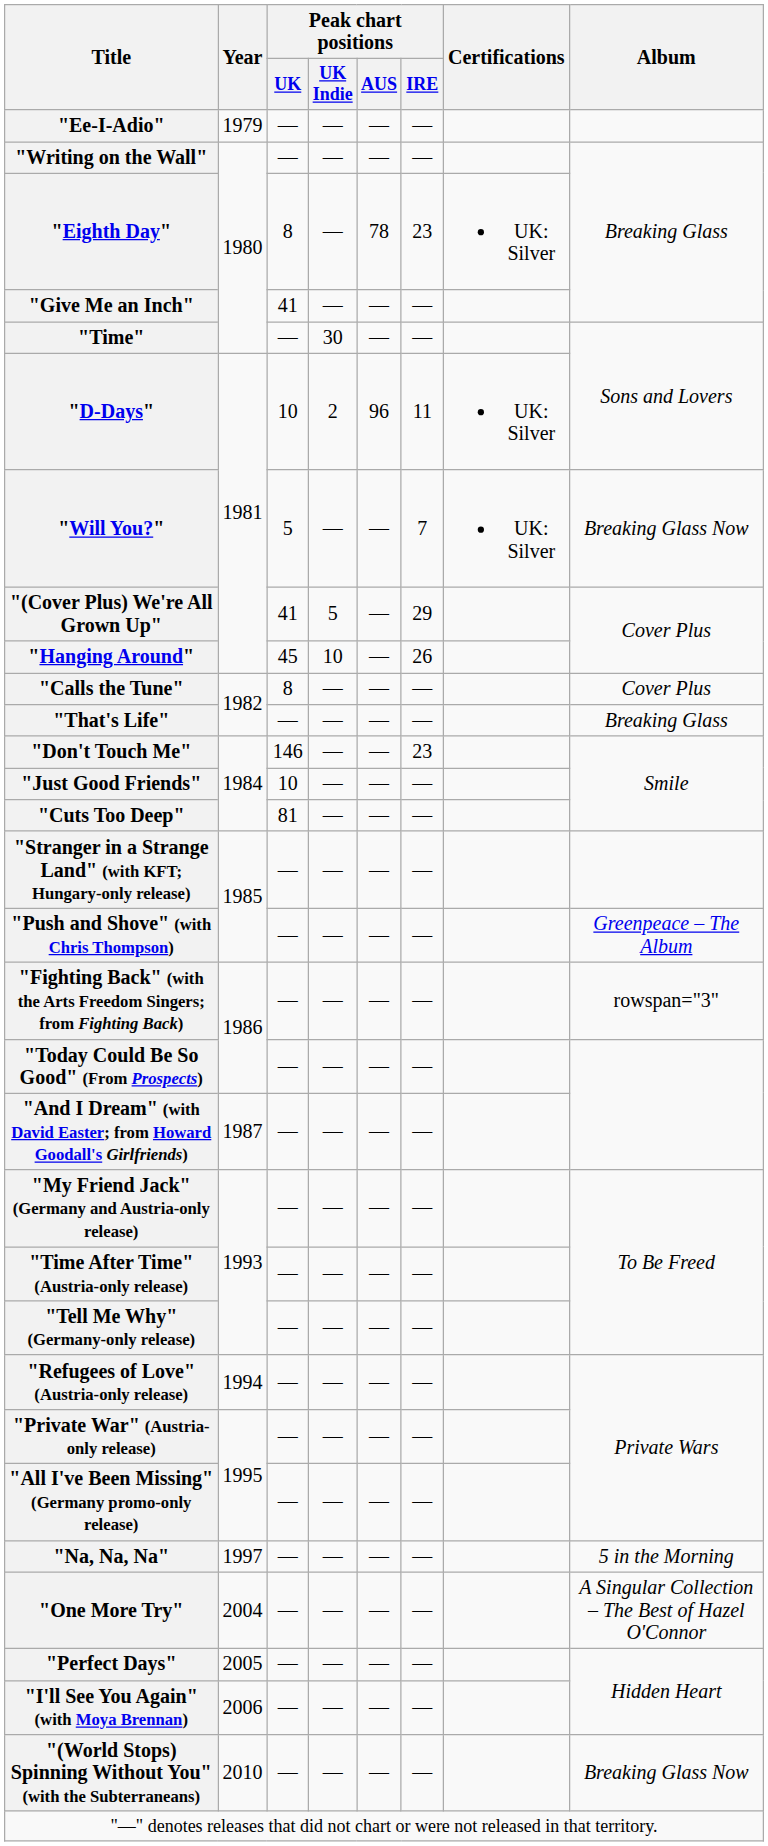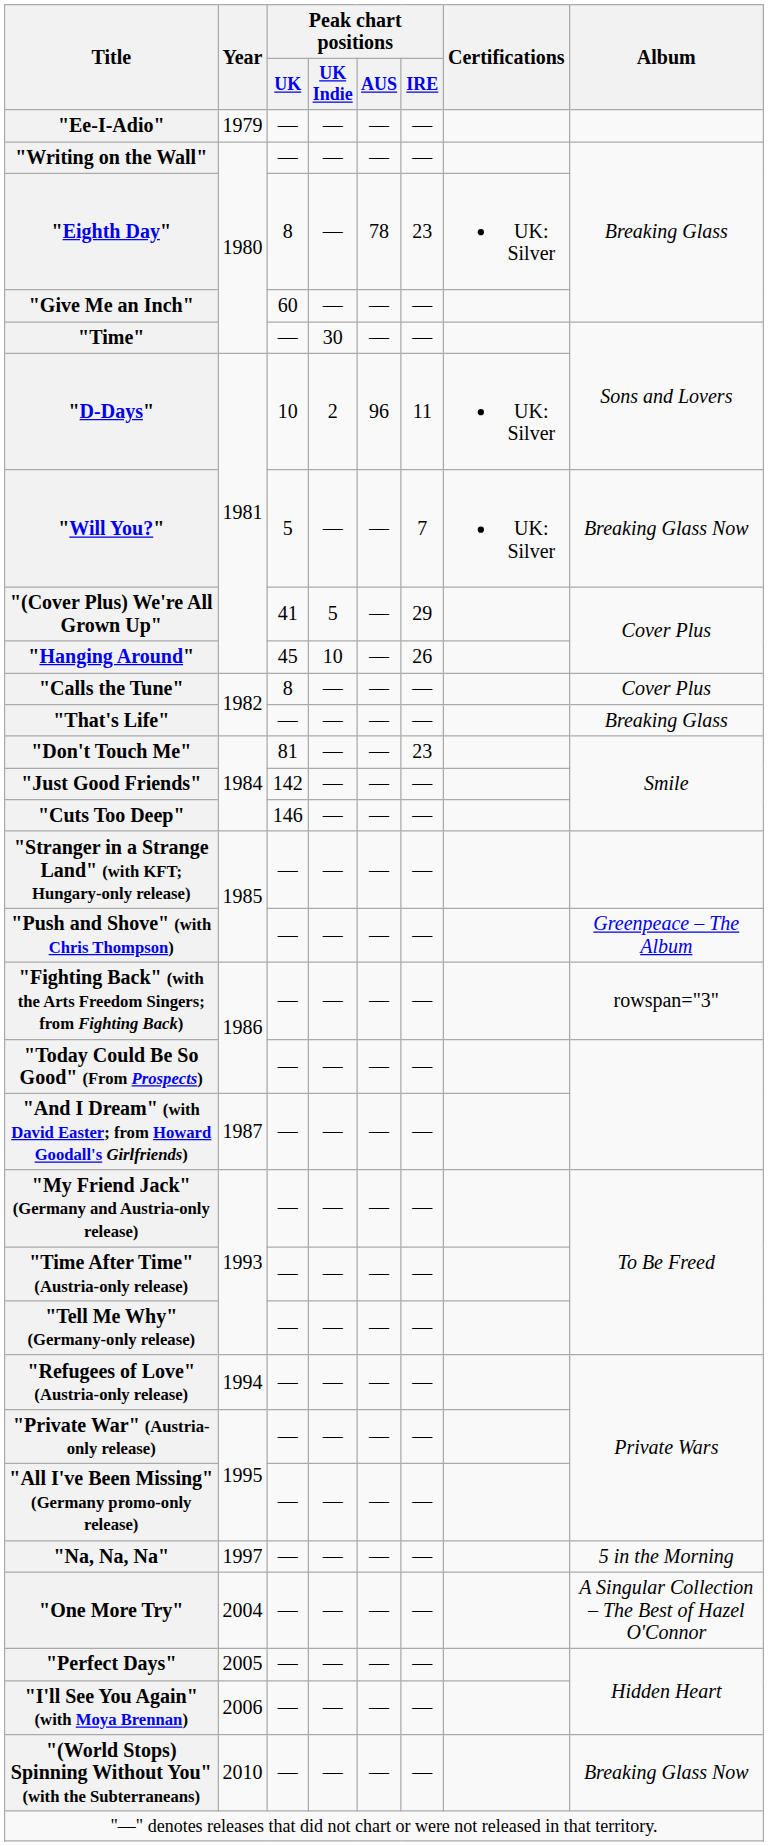 <table class="wikitable plainrowheaders" style="text-align:center;">
 <tr>
 <th rowspan="2" scope="col" style="width:17em;">Title</th>
 <th rowspan="2" scope="col" style="width:2em;">Year</th>
 <th colspan="4">Peak chart positions</th>
 <th rowspan="2">Certifications</th>
 <th rowspan="2"  style="width:15em;">Album</th>
 </tr>
 <tr>
 <th scope="col" style="width:2em;font-size:90%;"><a href='#'>UK</a><br></th>
 <th scope="col" style="width:2em;font-size:90%;"><a href='#'>UK Indie</a><br></th>
 <th scope="col" style="width:2em;font-size:90%;"><a href='#'>AUS</a><br></th>
 <th scope="col" style="width:2em;font-size:90%;"><a href='#'>IRE</a><br></th>
 </tr>
 <tr>
 <th scope="row">"Ee-I-Adio"</th>
 <td>1979</td>
 <td>—</td>
 <td>—</td>
 <td>—</td>
 <td>—</td>
 <td></td>
 <td></td>
 </tr>
 <tr>
 <th scope="row">"Writing on the Wall"</th>
 <td rowspan="4">1980</td>
 <td>—</td>
 <td>—</td>
 <td>—</td>
 <td>—</td>
 <td></td>
 <td rowspan="3"><em>Breaking Glass</em></td>
 </tr>
 <tr>
 <th scope="row">"<a href='#'>Eighth Day</a>"</th>
 <td>8</td>
 <td>—</td>
 <td>78</td>
 <td>23</td>
 <td><br><ul><li>UK: Silver</li></ul></td>
 </tr>
 <tr>
 <th scope="row">"Give Me an Inch"</th>
-<td>41</td>
+<td>60</td>
 <td>—</td>
 <td>—</td>
 <td>—</td>
 <td></td>
 </tr>
 <tr>
 <th scope="row">"Time"</th>
 <td>—</td>
 <td>30</td>
 <td>—</td>
 <td>—</td>
 <td></td>
 <td rowspan="2"><em>Sons and Lovers</em></td>
 </tr>
 <tr>
 <th scope="row">"<a href='#'>D-Days</a>"</th>
 <td rowspan="4">1981</td>
 <td>10</td>
 <td>2</td>
 <td>96</td>
 <td>11</td>
 <td><br><ul><li>UK: Silver</li></ul></td>
 </tr>
 <tr>
 <th scope="row">"<a href='#'>Will You?</a>"</th>
 <td>5</td>
 <td>—</td>
 <td>—</td>
 <td>7</td>
 <td><br><ul><li>UK: Silver</li></ul></td>
 <td><em>Breaking Glass Now</em></td>
 </tr>
 <tr>
 <th scope="row">"(Cover Plus) We're All Grown Up"</th>
 <td>41</td>
 <td>5</td>
 <td>—</td>
 <td>29</td>
 <td></td>
 <td rowspan="2"><em>Cover Plus</em></td>
 </tr>
 <tr>
 <th scope="row">"<a href='#'>Hanging Around</a>"</th>
 <td>45</td>
 <td>10</td>
 <td>—</td>
 <td>26</td>
 <td></td>
 </tr>
 <tr>
 <th scope="row">"Calls the Tune"</th>
 <td rowspan="2">1982</td>
 <td>8</td>
 <td>—</td>
 <td>—</td>
 <td>—</td>
 <td></td>
 <td><em>Cover Plus</em></td>
 </tr>
 <tr>
 <th scope="row">"That's Life"</th>
 <td>—</td>
 <td>—</td>
 <td>—</td>
 <td>—</td>
 <td></td>
 <td><em>Breaking Glass</em></td>
 </tr>
 <tr>
 <th scope="row">"Don't Touch Me"</th>
 <td rowspan="3">1984</td>
-<td>146</td>
+<td>81</td>
 <td>—</td>
 <td>—</td>
 <td>23</td>
 <td></td>
 <td rowspan="3"><em>Smile</em></td>
 </tr>
 <tr>
 <th scope="row">"Just Good Friends"</th>
-<td>10</td>
+<td>142</td>
 <td>—</td>
 <td>—</td>
 <td>—</td>
 <td></td>
 </tr>
 <tr>
 <th scope="row">"Cuts Too Deep"</th>
-<td>81</td>
+<td>146</td>
 <td>—</td>
 <td>—</td>
 <td>—</td>
 <td></td>
 </tr>
 <tr>
 <th scope="row">"Stranger in a Strange Land" <small>(with KFT; Hungary-only release)</small></th>
 <td rowspan="2">1985</td>
 <td>—</td>
 <td>—</td>
 <td>—</td>
 <td>—</td>
 <td></td>
 <td></td>
 </tr>
 <tr>
 <th scope="row">"Push and Shove" <small>(with <a href='#'>Chris Thompson</a>)</small></th>
 <td>—</td>
 <td>—</td>
 <td>—</td>
 <td>—</td>
 <td></td>
 <td><em><a href='#'>Greenpeace – The Album</a></em></td>
 </tr>
 <tr>
 <th scope="row">"Fighting Back" <small>(with the Arts Freedom Singers; from <em>Fighting Back</em>)</small></th>
 <td rowspan="2">1986</td>
 <td>—</td>
 <td>—</td>
 <td>—</td>
 <td>—</td>
 <td></td>
 <td>rowspan="3" </td>
 </tr>
 <tr>
 <th scope="row">"Today Could Be So Good" <small>(From <em><a href='#'>Prospects</a></em>)</small></th>
 <td>—</td>
 <td>—</td>
 <td>—</td>
 <td>—</td>
 <td></td>
 </tr>
 <tr>
 <th scope="row">"And I Dream" <small>(with <a href='#'>David Easter</a>; from <a href='#'>Howard Goodall's</a> <em>Girlfriends</em>)</small></th>
 <td>1987</td>
 <td>—</td>
 <td>—</td>
 <td>—</td>
 <td>—</td>
 <td></td>
 </tr>
 <tr>
 <th scope="row">"My Friend Jack" <small>(Germany and Austria-only release)</small></th>
 <td rowspan="3">1993</td>
 <td>—</td>
 <td>—</td>
 <td>—</td>
 <td>—</td>
 <td></td>
 <td rowspan="3"><em>To Be Freed</em></td>
 </tr>
 <tr>
 <th scope="row">"Time After Time" <small>(Austria-only release)</small></th>
 <td>—</td>
 <td>—</td>
 <td>—</td>
 <td>—</td>
 <td></td>
 </tr>
 <tr>
 <th scope="row">"Tell Me Why" <small>(Germany-only release)</small></th>
 <td>—</td>
 <td>—</td>
 <td>—</td>
 <td>—</td>
 <td></td>
 </tr>
 <tr>
 <th scope="row">"Refugees of Love" <small>(Austria-only release)</small></th>
 <td>1994</td>
 <td>—</td>
 <td>—</td>
 <td>—</td>
 <td>—</td>
 <td></td>
 <td rowspan="3"><em>Private Wars</em></td>
 </tr>
 <tr>
 <th scope="row">"Private War" <small>(Austria-only release)</small></th>
 <td rowspan="2">1995</td>
 <td>—</td>
 <td>—</td>
 <td>—</td>
 <td>—</td>
 <td></td>
 </tr>
 <tr>
 <th scope="row">"All I've Been Missing" <small>(Germany promo-only release)</small></th>
 <td>—</td>
 <td>—</td>
 <td>—</td>
 <td>—</td>
 <td></td>
 </tr>
 <tr>
 <th scope="row">"Na, Na, Na"</th>
 <td>1997</td>
 <td>—</td>
 <td>—</td>
 <td>—</td>
 <td>—</td>
 <td></td>
 <td><em>5 in the Morning</em></td>
 </tr>
 <tr>
 <th scope="row">"One More Try"</th>
 <td>2004</td>
 <td>—</td>
 <td>—</td>
 <td>—</td>
 <td>—</td>
 <td></td>
 <td><em>A Singular Collection – The Best of Hazel O'Connor</em></td>
 </tr>
 <tr>
 <th scope="row">"Perfect Days"</th>
 <td>2005</td>
 <td>—</td>
 <td>—</td>
 <td>—</td>
 <td>—</td>
 <td></td>
 <td rowspan="2"><em>Hidden Heart</em></td>
 </tr>
 <tr>
 <th scope="row">"I'll See You Again" <small>(with <a href='#'>Moya Brennan</a>)</small></th>
 <td>2006</td>
 <td>—</td>
 <td>—</td>
 <td>—</td>
 <td>—</td>
 <td></td>
 </tr>
 <tr>
 <th scope="row">"(World Stops) Spinning Without You" <small>(with the Subterraneans)</small></th>
 <td>2010</td>
 <td>—</td>
 <td>—</td>
 <td>—</td>
 <td>—</td>
 <td></td>
 <td><em>Breaking Glass Now</em></td>
 </tr>
 <tr>
 <td colspan="8" style="font-size:90%">"—" denotes releases that did not chart or were not released in that territory.</td>
 </tr>
 </table>
